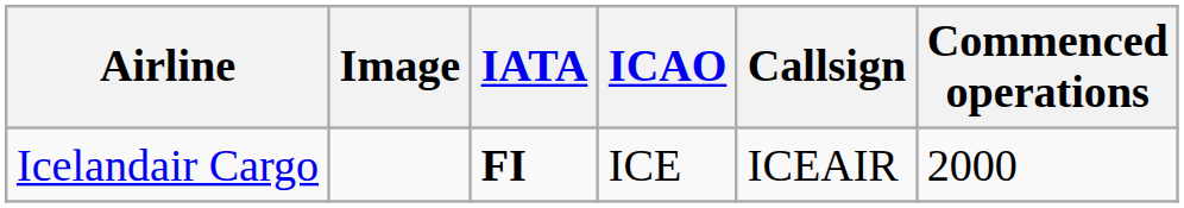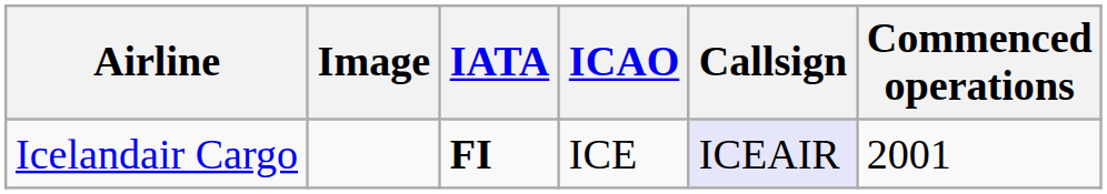 <table class="wikitable sortable" style="border: 0; cellpadding: 2; cellspacing: 3;">
 <tr valign="middle">
 <th>Airline</th>
 <th>Image</th>
 <th><a href='#'>IATA</a></th>
 <th><a href='#'>ICAO</a></th>
 <th>Callsign</th>
 <th>Commenced<br>operations</th>
 </tr>
 <tr>
 <td><a href='#'>Icelandair Cargo</a></td>
 <td></td>
 <td><strong>FI</strong></td>
 <td>ICE</td>
-<td>ICEAIR</td>
-<td>2000</td>
+<td style="background: lavender;">ICEAIR</td>
+<td>2001</td>
 </tr>
 </table>
